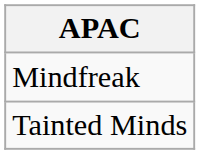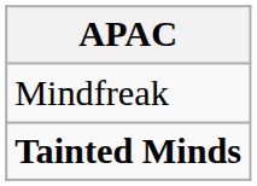 <table class="wikitable" style="display: inline-table; margin-left: 25px;">
 <tr>
 <th>APAC</th>
 </tr>
 <tr>
 <td>Mindfreak</td>
 </tr>
 <tr>
-<td>Tainted Minds</td>
+<td><strong>Tainted Minds</strong></td>
 </tr>
 </table>
